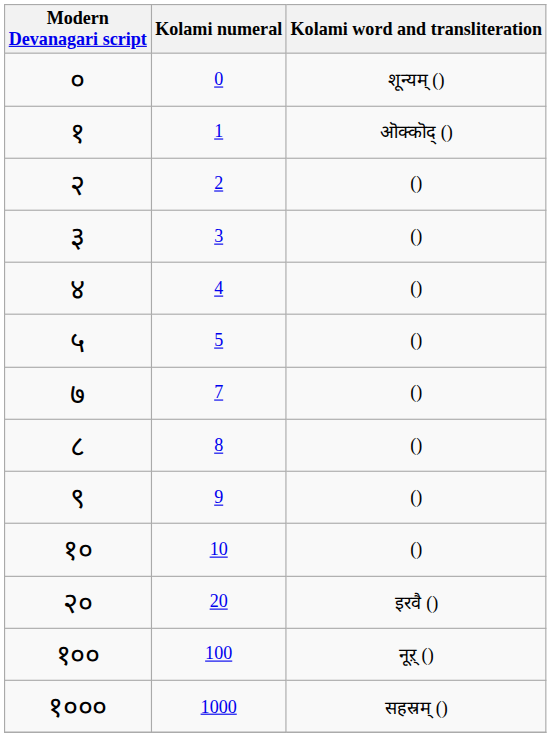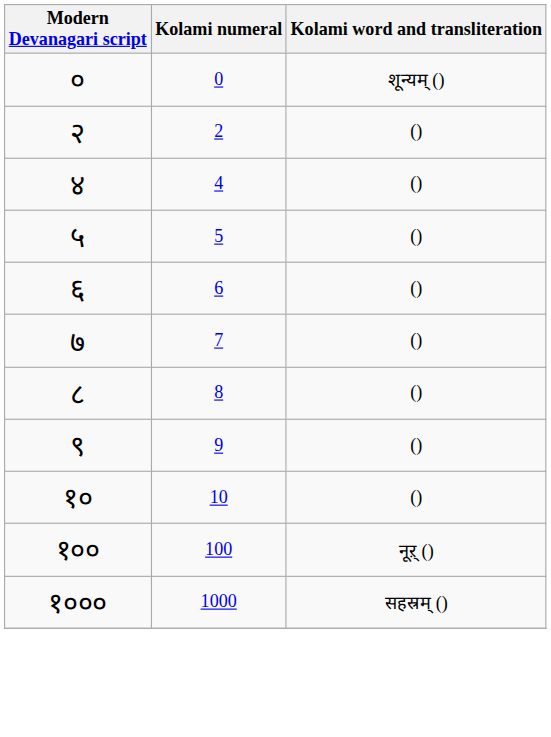 <table class=wikitable style="text-align:center;">
 <tr>
 <th>Modern<br><a href='#'>Devanagari script</a></th>
 <th>Kolami numeral</th>
 <th>Kolami word and transliteration</th>
 </tr>
 <tr>
 <td style="font-size:160%;line-height:normal">०</td>
 <td><a href='#'>0</a></td>
 <td lang>शून्यम्   ()</td>
 </tr>
 <tr>
-<td style="font-size:160%;line-height:normal">१</td>
-<td><a href='#'>1</a></td>
-<td>ऒक्कॊद् ()</td>
-</tr>
-<tr>
 <td style="font-size:160%;line-height:normal">२</td>
 <td><a href='#'>2</a></td>
-<td> ()</td>
-</tr>
-<tr>
-<td style="font-size:160%;line-height:normal">३</td>
-<td><a href='#'>3</a></td>
 <td> ()</td>
 </tr>
 <tr>
 <td style="font-size:160%;line-height:normal">४</td>
 <td><a href='#'>4</a></td>
 <td> ()</td>
 </tr>
 <tr>
 <td style="font-size:160%;line-height:normal">५</td>
 <td><a href='#'>5</a></td>
+<td> ()</td>
+</tr>
+<tr>
+<td style="font-size:160%;line-height:normal">६</td>
+<td><a href='#'>6</a></td>
 <td> ()</td>
 </tr>
 <tr>
 <td style="font-size:160%;line-height:normal">७</td>
 <td><a href='#'>7</a></td>
 <td> ()</td>
 </tr>
 <tr>
 <td style="font-size:160%;line-height:normal">८</td>
 <td><a href='#'>8</a></td>
 <td> ()</td>
 </tr>
 <tr>
 <td style="font-size:160%;line-height:normal">९</td>
 <td><a href='#'>9</a></td>
 <td> ()</td>
 </tr>
 <tr>
 <td style="font-size:160%;line-height:normal">१०</td>
 <td><a href='#'>10</a></td>
 <td> ()</td>
 </tr>
 <tr>
-<td style="font-size:160%;line height:normal">२०</td>
-<td><a href='#'>20</a></td>
-<td lang>इरवै ()</td>
-</tr>
-<tr>
 <td style="font-size:160%;line height:normal">१००</td>
 <td><a href='#'>100</a></td>
 <td lang>नूऱ् ()</td>
 </tr>
 <tr>
 <td style="font-size:160%;line height:normal">१०००</td>
 <td><a href='#'>1000</a></td>
 <td lang>सहस्रम् ()</td>
 </tr>
 <tr>
 </tr>
 </table>
